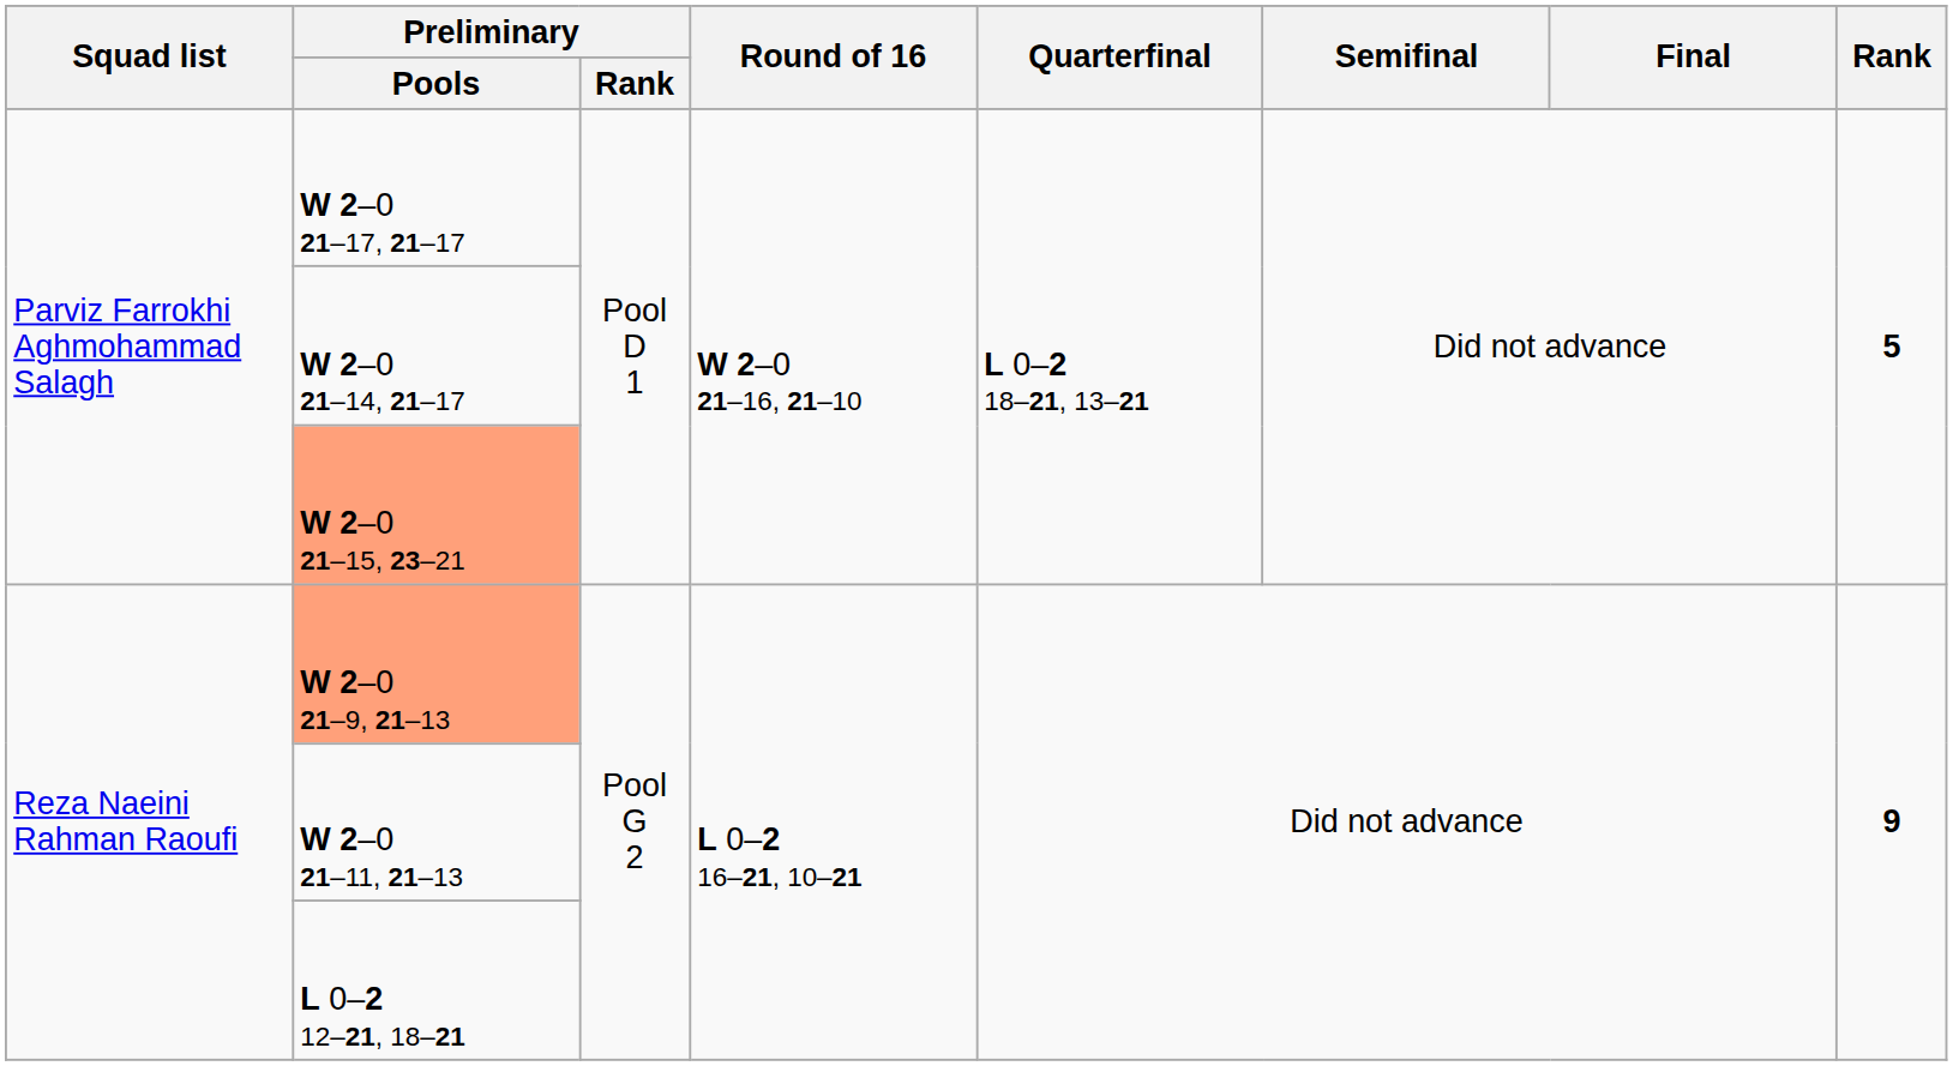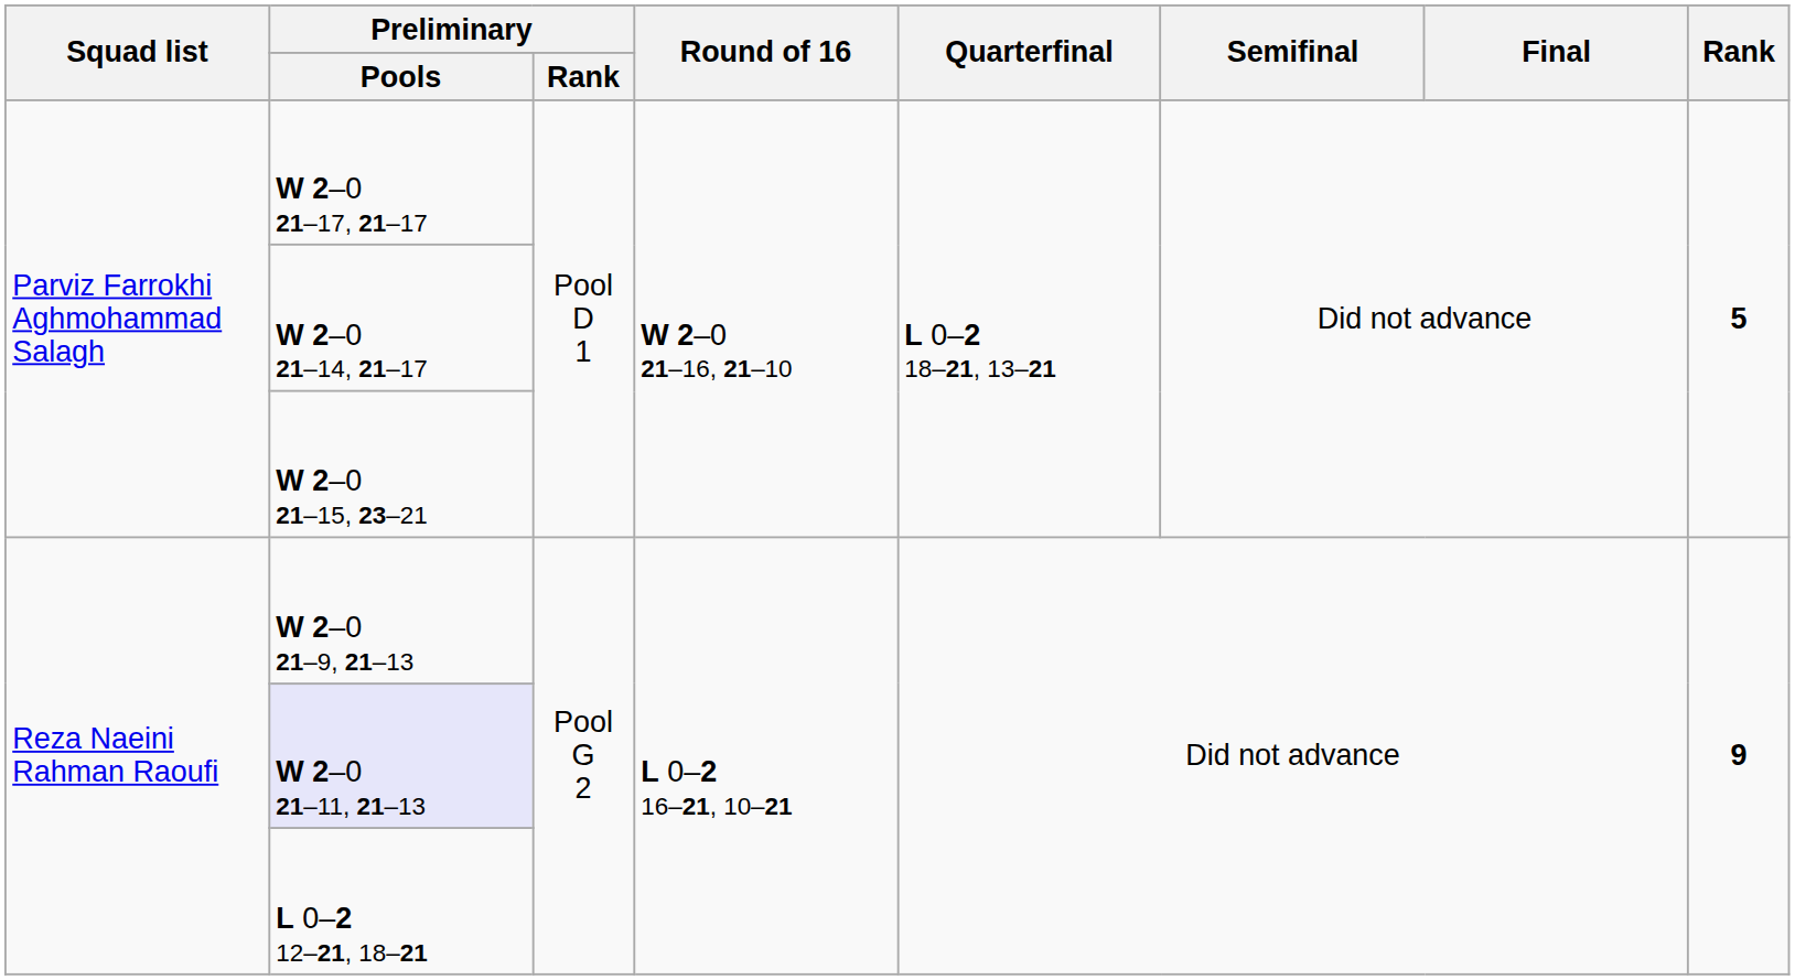 <table class="wikitable" width="98%" style="text-align:left; font-size:90%">
 <tr>
 <th rowspan="2" width="13%">Squad list</th>
 <th colspan="2">Preliminary</th>
 <th rowspan="2" width="13%">Round of 16</th>
 <th rowspan="2" width="13%">Quarterfinal</th>
 <th rowspan="2" width="13%">Semifinal</th>
 <th rowspan="2" width="13%">Final</th>
 <th rowspan="2" width="5%">Rank</th>
 </tr>
 <tr>
 <th width="13%">Pools</th>
 <th width="5%">Rank</th>
 </tr>
 <tr>
 <td rowspan="3"><a href='#'>Parviz Farrokhi</a><br><a href='#'>Aghmohammad Salagh</a></td>
 <td><br><br><strong>W</strong> <strong>2</strong>–0<br><small><strong>21</strong>–17, <strong>21</strong>–17</small></td>
 <td rowspan="3" align=center>Pool D<br>1 <strong></strong></td>
 <td rowspan="3"><br><br><strong>W</strong> <strong>2</strong>–0<br><small><strong>21</strong>–16, <strong>21</strong>–10</small></td>
 <td rowspan="3"><br><br><strong>L</strong> 0–<strong>2</strong><br><small>18–<strong>21</strong>, 13–<strong>21</strong></small></td>
 <td rowspan="3" colspan=2 align=center>Did not advance</td>
 <td rowspan="3" align="center"><strong>5</strong></td>
 </tr>
 <tr>
 <td><br><br><strong>W</strong> <strong>2</strong>–0<br><small><strong>21</strong>–14, <strong>21</strong>–17</small></td>
 </tr>
 <tr>
-<td style="background: lightsalmon;"><br><br><strong>W</strong> <strong>2</strong>–0<br><small><strong>21</strong>–15, <strong>23</strong>–21</small></td>
+<td><br><br><strong>W</strong> <strong>2</strong>–0<br><small><strong>21</strong>–15, <strong>23</strong>–21</small></td>
 </tr>
 <tr>
 <td rowspan="3"><a href='#'>Reza Naeini</a><br><a href='#'>Rahman Raoufi</a></td>
-<td style="background: lightsalmon;"><br><br><strong>W</strong> <strong>2</strong>–0<br><small><strong>21</strong>–9, <strong>21</strong>–13</small></td>
+<td><br><br><strong>W</strong> <strong>2</strong>–0<br><small><strong>21</strong>–9, <strong>21</strong>–13</small></td>
 <td rowspan="3" align=center>Pool G<br>2 <strong></strong></td>
 <td rowspan="3"><br><br><strong>L</strong> 0–<strong>2</strong><br><small>16–<strong>21</strong>, 10–<strong>21</strong></small></td>
 <td rowspan="3" colspan=3 align=center>Did not advance</td>
 <td rowspan="3" align="center"><strong>9</strong></td>
 </tr>
 <tr>
-<td><br><br><strong>W</strong> <strong>2</strong>–0<br><small><strong>21</strong>–11, <strong>21</strong>–13</small></td>
+<td style="background: lavender;"><br><br><strong>W</strong> <strong>2</strong>–0<br><small><strong>21</strong>–11, <strong>21</strong>–13</small></td>
 </tr>
 <tr>
 <td><br><br><strong>L</strong> 0–<strong>2</strong><br><small>12–<strong>21</strong>, 18–<strong>21</strong></small></td>
 </tr>
 </table>
